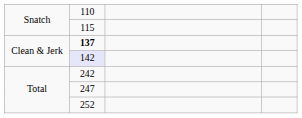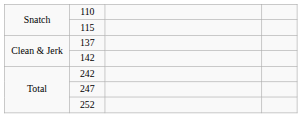 <table class = "wikitable" style="text-align:center;">
 <tr>
 <td width=100 rowspan=2>Snatch</td>
 <td width=50>110</td>
 <td width=250 align=left></td>
 <td width=50></td>
 </tr>
 <tr>
 <td>115</td>
 <td align=left></td>
 <td></td>
 </tr>
 <tr>
 <td rowspan=2>Clean & Jerk</td>
-<td><strong>137</strong></td>
+<td>137</td>
 <td align=left></td>
 <td></td>
 </tr>
 <tr>
-<td style="background: lavender;">142</td>
+<td>142</td>
 <td align=left></td>
 <td></td>
 </tr>
 <tr>
 <td rowspan=3>Total</td>
 <td>242</td>
 <td align=left></td>
 <td></td>
 </tr>
 <tr>
 <td>247</td>
 <td align=left></td>
 <td></td>
 </tr>
 <tr>
 <td>252</td>
 <td align=left></td>
 <td></td>
 </tr>
 </table>
